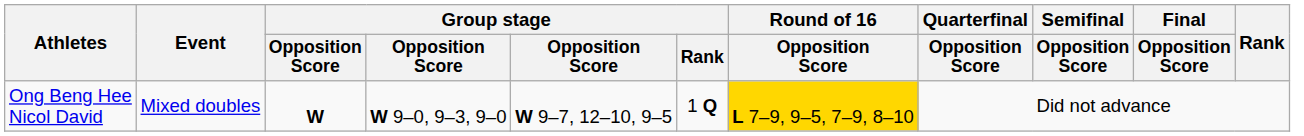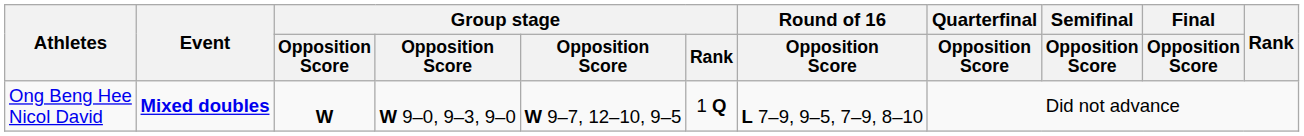 <table class="wikitable" style="font-size:90%">
 <tr>
 <th rowspan=2>Athletes</th>
 <th rowspan=2>Event</th>
 <th colspan=4>Group stage</th>
 <th>Round of 16</th>
 <th>Quarterfinal</th>
 <th>Semifinal</th>
 <th>Final</th>
 <th rowspan=2>Rank</th>
 </tr>
 <tr style="font-size:95%">
 <th>Opposition<br>Score</th>
 <th>Opposition<br>Score</th>
 <th>Opposition<br>Score</th>
 <th>Rank</th>
 <th>Opposition<br>Score</th>
 <th>Opposition<br>Score</th>
 <th>Opposition<br>Score</th>
 <th>Opposition<br>Score</th>
 </tr>
 <tr align=center>
 <td align=left><a href='#'>Ong Beng Hee</a><br><a href='#'>Nicol David</a></td>
-<td align=left><a href='#'>Mixed doubles</a></td>
+<td align=left><strong><a href='#'>Mixed doubles</a></strong></td>
 <td><br><strong>W</strong> </td>
 <td><br><strong>W</strong> 9–0, 9–3, 9–0</td>
 <td><br><strong>W</strong> 9–7, 12–10, 9–5</td>
 <td>1 <strong>Q</strong></td>
-<td style="background: gold;"><br><strong>L</strong> 7–9, 9–5, 7–9, 8–10</td>
+<td><br><strong>L</strong> 7–9, 9–5, 7–9, 8–10</td>
 <td colspan=4>Did not advance</td>
 </tr>
 </table>
